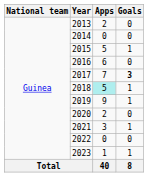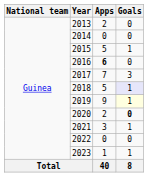 <table class="wikitable" style="text-align:center">
 <tr>
 <th>National team</th>
 <th>Year</th>
 <th>Apps</th>
 <th>Goals</th>
 </tr>
 <tr>
 <td rowspan="11"><a href='#'>Guinea</a></td>
 <td>2013</td>
 <td>2</td>
 <td>0</td>
 </tr>
 <tr>
 <td>2014</td>
 <td>0</td>
 <td>0</td>
 </tr>
 <tr>
 <td>2015</td>
 <td>5</td>
 <td>1</td>
 </tr>
 <tr>
 <td>2016</td>
-<td>6</td>
+<td><strong>6</strong></td>
 <td>0</td>
 </tr>
 <tr>
 <td>2017</td>
 <td>7</td>
-<td><strong>3</strong></td>
+<td>3</td>
 </tr>
 <tr>
 <td>2018</td>
-<td style="background: paleturquoise;">5</td>
-<td>1</td>
+<td>5</td>
+<td style="background: lavender;">1</td>
 </tr>
 <tr>
 <td>2019</td>
 <td>9</td>
-<td>1</td>
+<td style="background: lightyellow;">1</td>
 </tr>
 <tr>
 <td>2020</td>
 <td>2</td>
-<td>0</td>
+<td><strong>0</strong></td>
 </tr>
 <tr>
 <td>2021</td>
 <td>3</td>
 <td>1</td>
 </tr>
 <tr>
 <td>2022</td>
 <td>0</td>
 <td>0</td>
 </tr>
 <tr>
 <td>2023</td>
 <td>1</td>
 <td>1</td>
 </tr>
 <tr>
 <th colspan="2">Total</th>
 <th>40</th>
 <th>8</th>
 </tr>
 </table>
